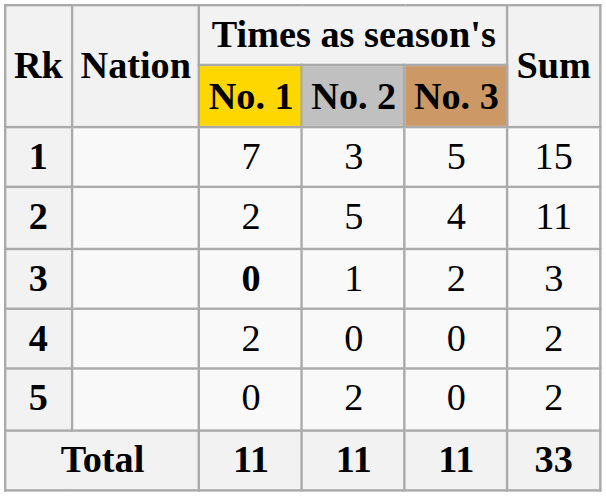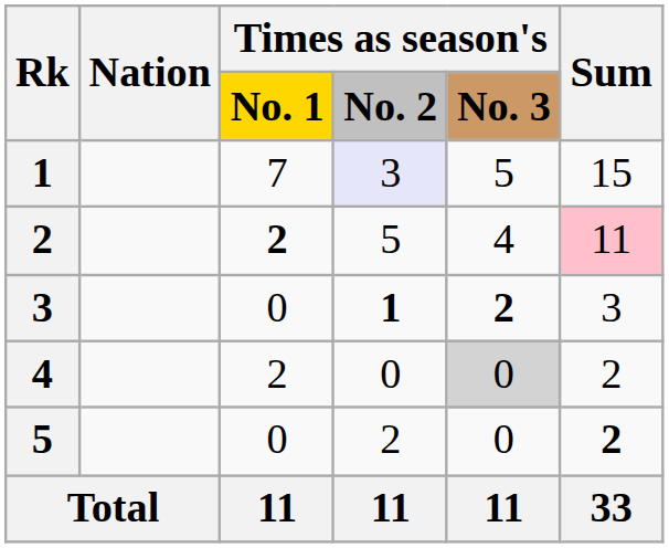 <table class="wikitable sortable" style="text-align: center;">
 <tr>
 <th rowspan="2">Rk</th>
 <th rowspan="2">Nation</th>
 <th colspan="3">Times as season's</th>
 <th rowspan="2">Sum</th>
 </tr>
 <tr>
 <th style="background-color: gold;">No. 1</th>
 <th style="background-color: silver;">No. 2</th>
 <th style="background-color: #cc9966;">No. 3</th>
 </tr>
 <tr>
 <th>1</th>
 <td></td>
 <td>7</td>
-<td>3</td>
+<td style="background: lavender;">3</td>
 <td>5</td>
 <td>15</td>
 </tr>
 <tr>
 <th>2</th>
 <td></td>
-<td>2</td>
+<td><strong>2</strong></td>
 <td>5</td>
 <td>4</td>
-<td>11</td>
+<td style="background: pink;">11</td>
 </tr>
 <tr>
 <th>3</th>
 <td></td>
-<td><strong>0</strong></td>
-<td>1</td>
-<td>2</td>
+<td>0</td>
+<td><strong>1</strong></td>
+<td><strong>2</strong></td>
 <td>3</td>
 </tr>
 <tr>
 <th>4</th>
 <td></td>
 <td>2</td>
 <td>0</td>
-<td>0</td>
+<td style="background: lightgrey;">0</td>
 <td>2</td>
 </tr>
 <tr>
 <th>5</th>
 <td></td>
 <td>0</td>
 <td>2</td>
 <td>0</td>
-<td>2</td>
+<td><strong>2</strong></td>
 </tr>
 <tr class="sortbottom">
 <th colspan="2">Total</th>
 <th>11</th>
 <th>11</th>
 <th>11</th>
 <th>33</th>
 </tr>
 </table>
